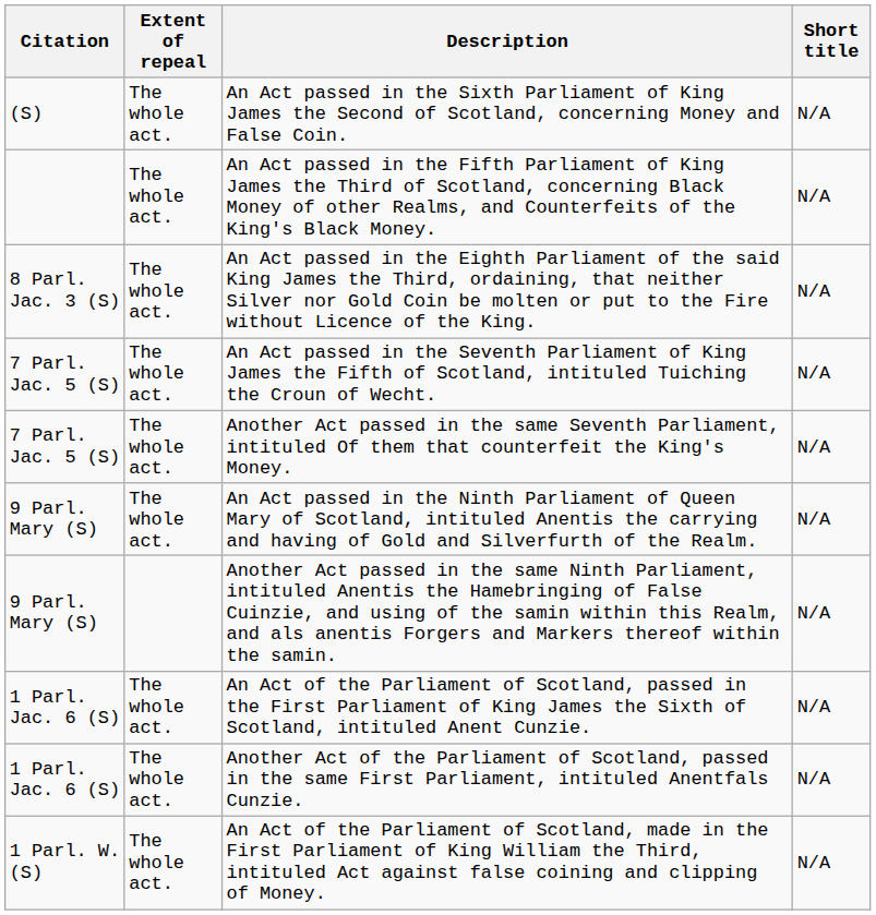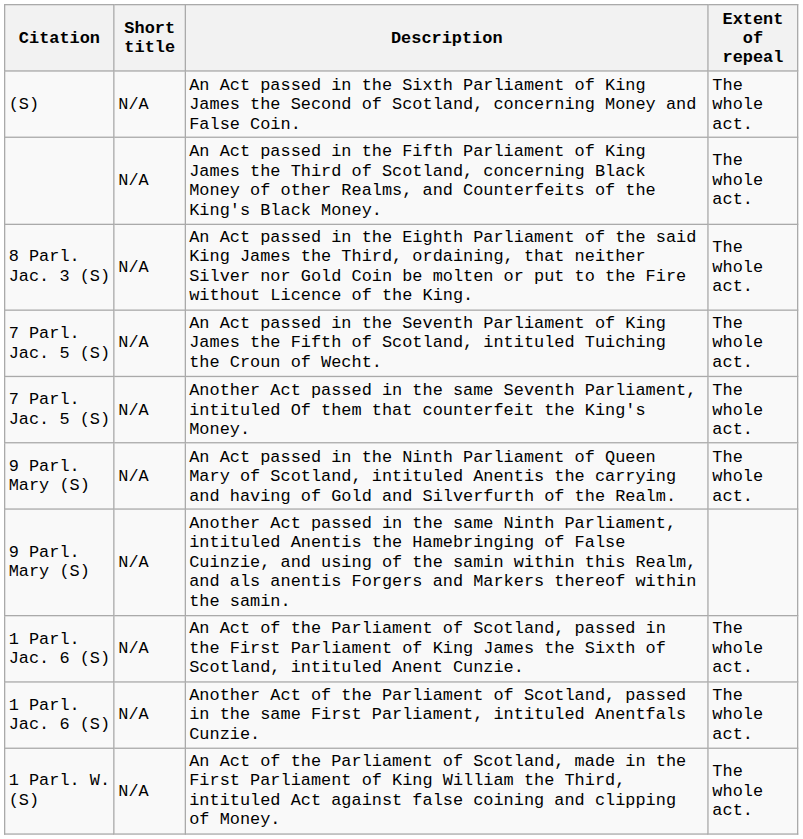 <table class="wikitable">
 <tr>
 <th>Citation</th>
+<th>Short title</th>
+<th>Description</th>
 <th>Extent of repeal</th>
-<th>Description</th>
-<th>Short title</th>
 </tr>
 <tr>
 <td> (S)</td>
+<td>N/A</td>
+<td>An Act passed in the Sixth Parliament of King James the Second of Scotland, concerning Money and False Coin.</td>
 <td>The whole act.</td>
-<td>An Act passed in the Sixth Parliament of King James the Second of Scotland, concerning Money and False Coin.</td>
-<td>N/A</td>
 </tr>
 <tr>
 <td></td>
+<td>N/A</td>
+<td>An Act passed in the Fifth Parliament of King James the Third of Scotland, concerning Black Money of other Realms, and Counterfeits of the King's Black Money.</td>
 <td>The whole act.</td>
-<td>An Act passed in the Fifth Parliament of King James the Third of Scotland, concerning Black Money of other Realms, and Counterfeits of the King's Black Money.</td>
-<td>N/A</td>
 </tr>
 <tr>
 <td>8 Parl. Jac. 3 (S)</td>
+<td>N/A</td>
+<td>An Act passed in the Eighth Parliament of the said King James the Third, ordaining, that neither Silver nor Gold Coin be molten or put to the Fire without Licence of the King.</td>
 <td>The whole act.</td>
-<td>An Act passed in the Eighth Parliament of the said King James the Third, ordaining, that neither Silver nor Gold Coin be molten or put to the Fire without Licence of the King.</td>
-<td>N/A</td>
 </tr>
 <tr>
 <td>7 Parl. Jac. 5 (S)</td>
+<td>N/A</td>
+<td>An Act passed in the Seventh Parliament of King James the Fifth of Scotland, intituled Tuiching the Croun of Wecht.</td>
 <td>The whole act.</td>
-<td>An Act passed in the Seventh Parliament of King James the Fifth of Scotland, intituled Tuiching the Croun of Wecht.</td>
-<td>N/A</td>
 </tr>
 <tr>
 <td>7 Parl. Jac. 5 (S)</td>
+<td>N/A</td>
+<td>Another Act passed in the same Seventh Parliament, intituled Of them that counterfeit the King's Money.</td>
 <td>The whole act.</td>
-<td>Another Act passed in the same Seventh Parliament, intituled Of them that counterfeit the King's Money.</td>
-<td>N/A</td>
 </tr>
 <tr>
 <td>9 Parl. Mary (S)</td>
+<td>N/A</td>
+<td>An Act passed in the Ninth Parliament of Queen Mary of Scotland, intituled Anentis the carrying and having of Gold and Silverfurth of the Realm.</td>
 <td>The whole act.</td>
-<td>An Act passed in the Ninth Parliament of Queen Mary of Scotland, intituled Anentis the carrying and having of Gold and Silverfurth of the Realm.</td>
-<td>N/A</td>
 </tr>
 <tr>
 <td>9 Parl. Mary  (S)</td>
+<td>N/A</td>
+<td>Another Act passed in the same Ninth Parliament, intituled Anentis the Hamebringing of False Cuinzie, and using of the samin within this Realm, and als anentis Forgers and Markers thereof within the samin.</td>
 <td></td>
-<td>Another Act passed in the same Ninth Parliament, intituled Anentis the Hamebringing of False Cuinzie, and using of the samin within this Realm, and als anentis Forgers and Markers thereof within the samin.</td>
-<td>N/A</td>
 </tr>
 <tr>
 <td>1 Parl. Jac. 6 (S)</td>
+<td>N/A</td>
+<td>An Act of the Parliament of Scotland, passed in the First Parliament of King James the Sixth of Scotland, intituled Anent Cunzie.</td>
 <td>The whole act.</td>
-<td>An Act of the Parliament of Scotland, passed in the First Parliament of King James the Sixth of Scotland, intituled Anent Cunzie.</td>
-<td>N/A</td>
 </tr>
 <tr>
 <td>1 Parl. Jac. 6 (S)</td>
+<td>N/A</td>
+<td>Another Act of the Parliament of Scotland, passed in the same First Parliament, intituled Anentfals Cunzie.</td>
 <td>The whole act.</td>
-<td>Another Act of the Parliament of Scotland, passed in the same First Parliament, intituled Anentfals Cunzie.</td>
-<td>N/A</td>
 </tr>
 <tr>
 <td>1 Parl. W. (S)</td>
+<td>N/A</td>
+<td>An Act of the Parliament of Scotland, made in the First Parliament of King William the Third, intituled Act against false coining and clipping of Money.</td>
 <td>The whole act.</td>
-<td>An Act of the Parliament of Scotland, made in the First Parliament of King William the Third, intituled Act against false coining and clipping of Money.</td>
-<td>N/A</td>
 </tr>
 </table>
